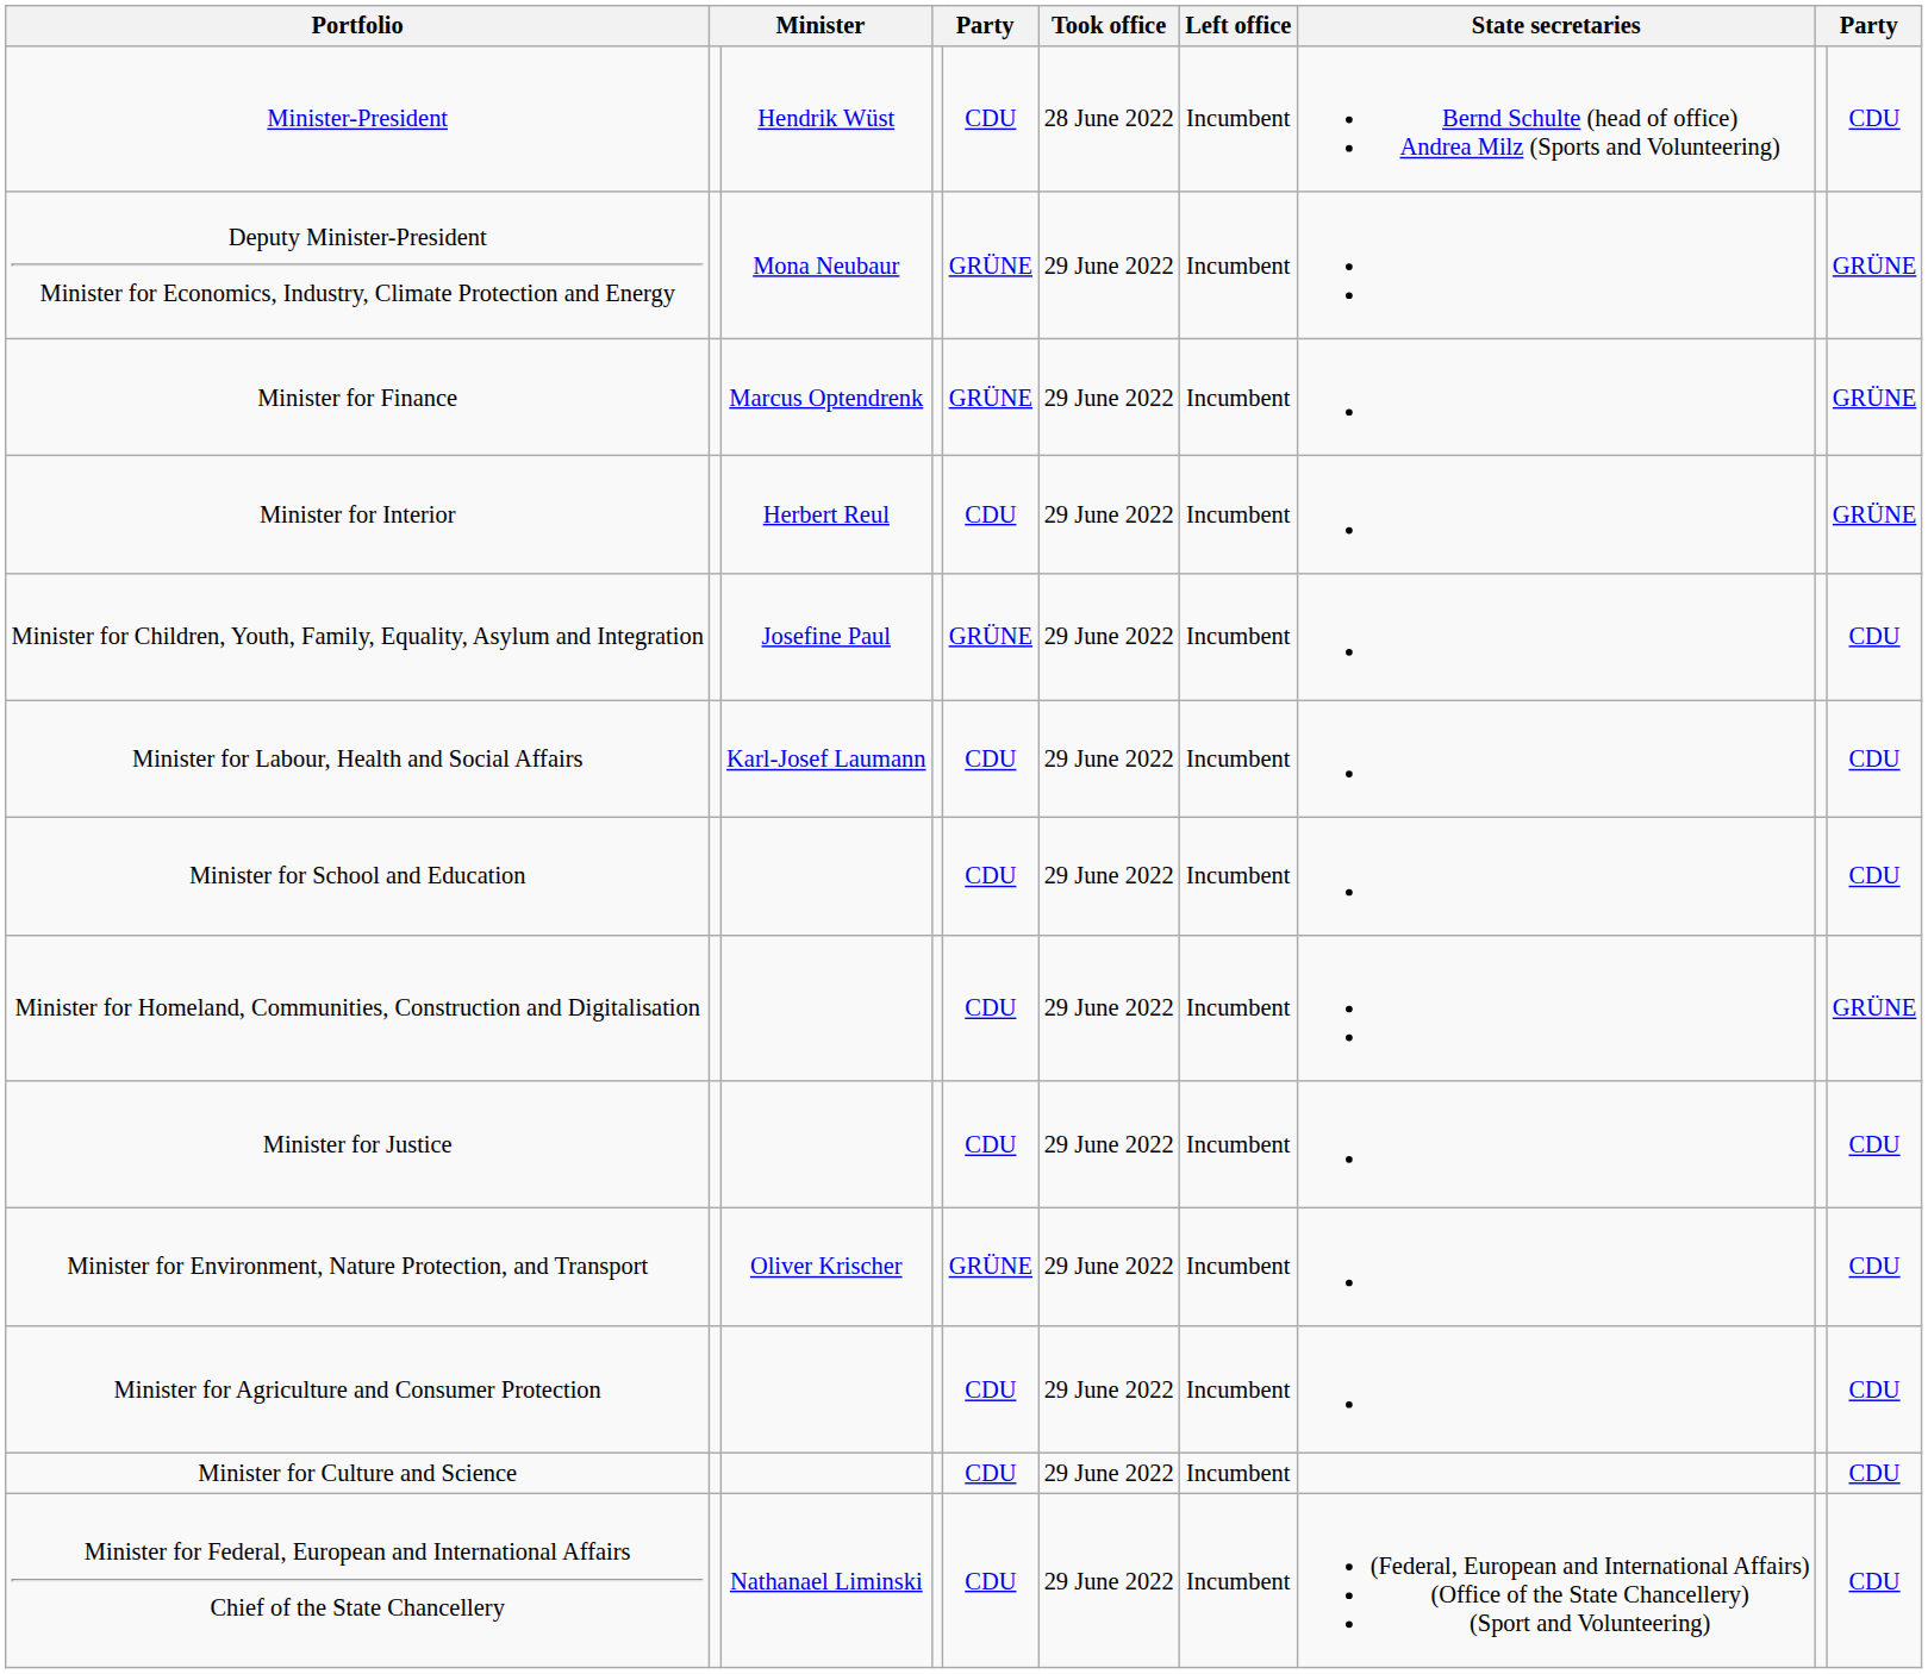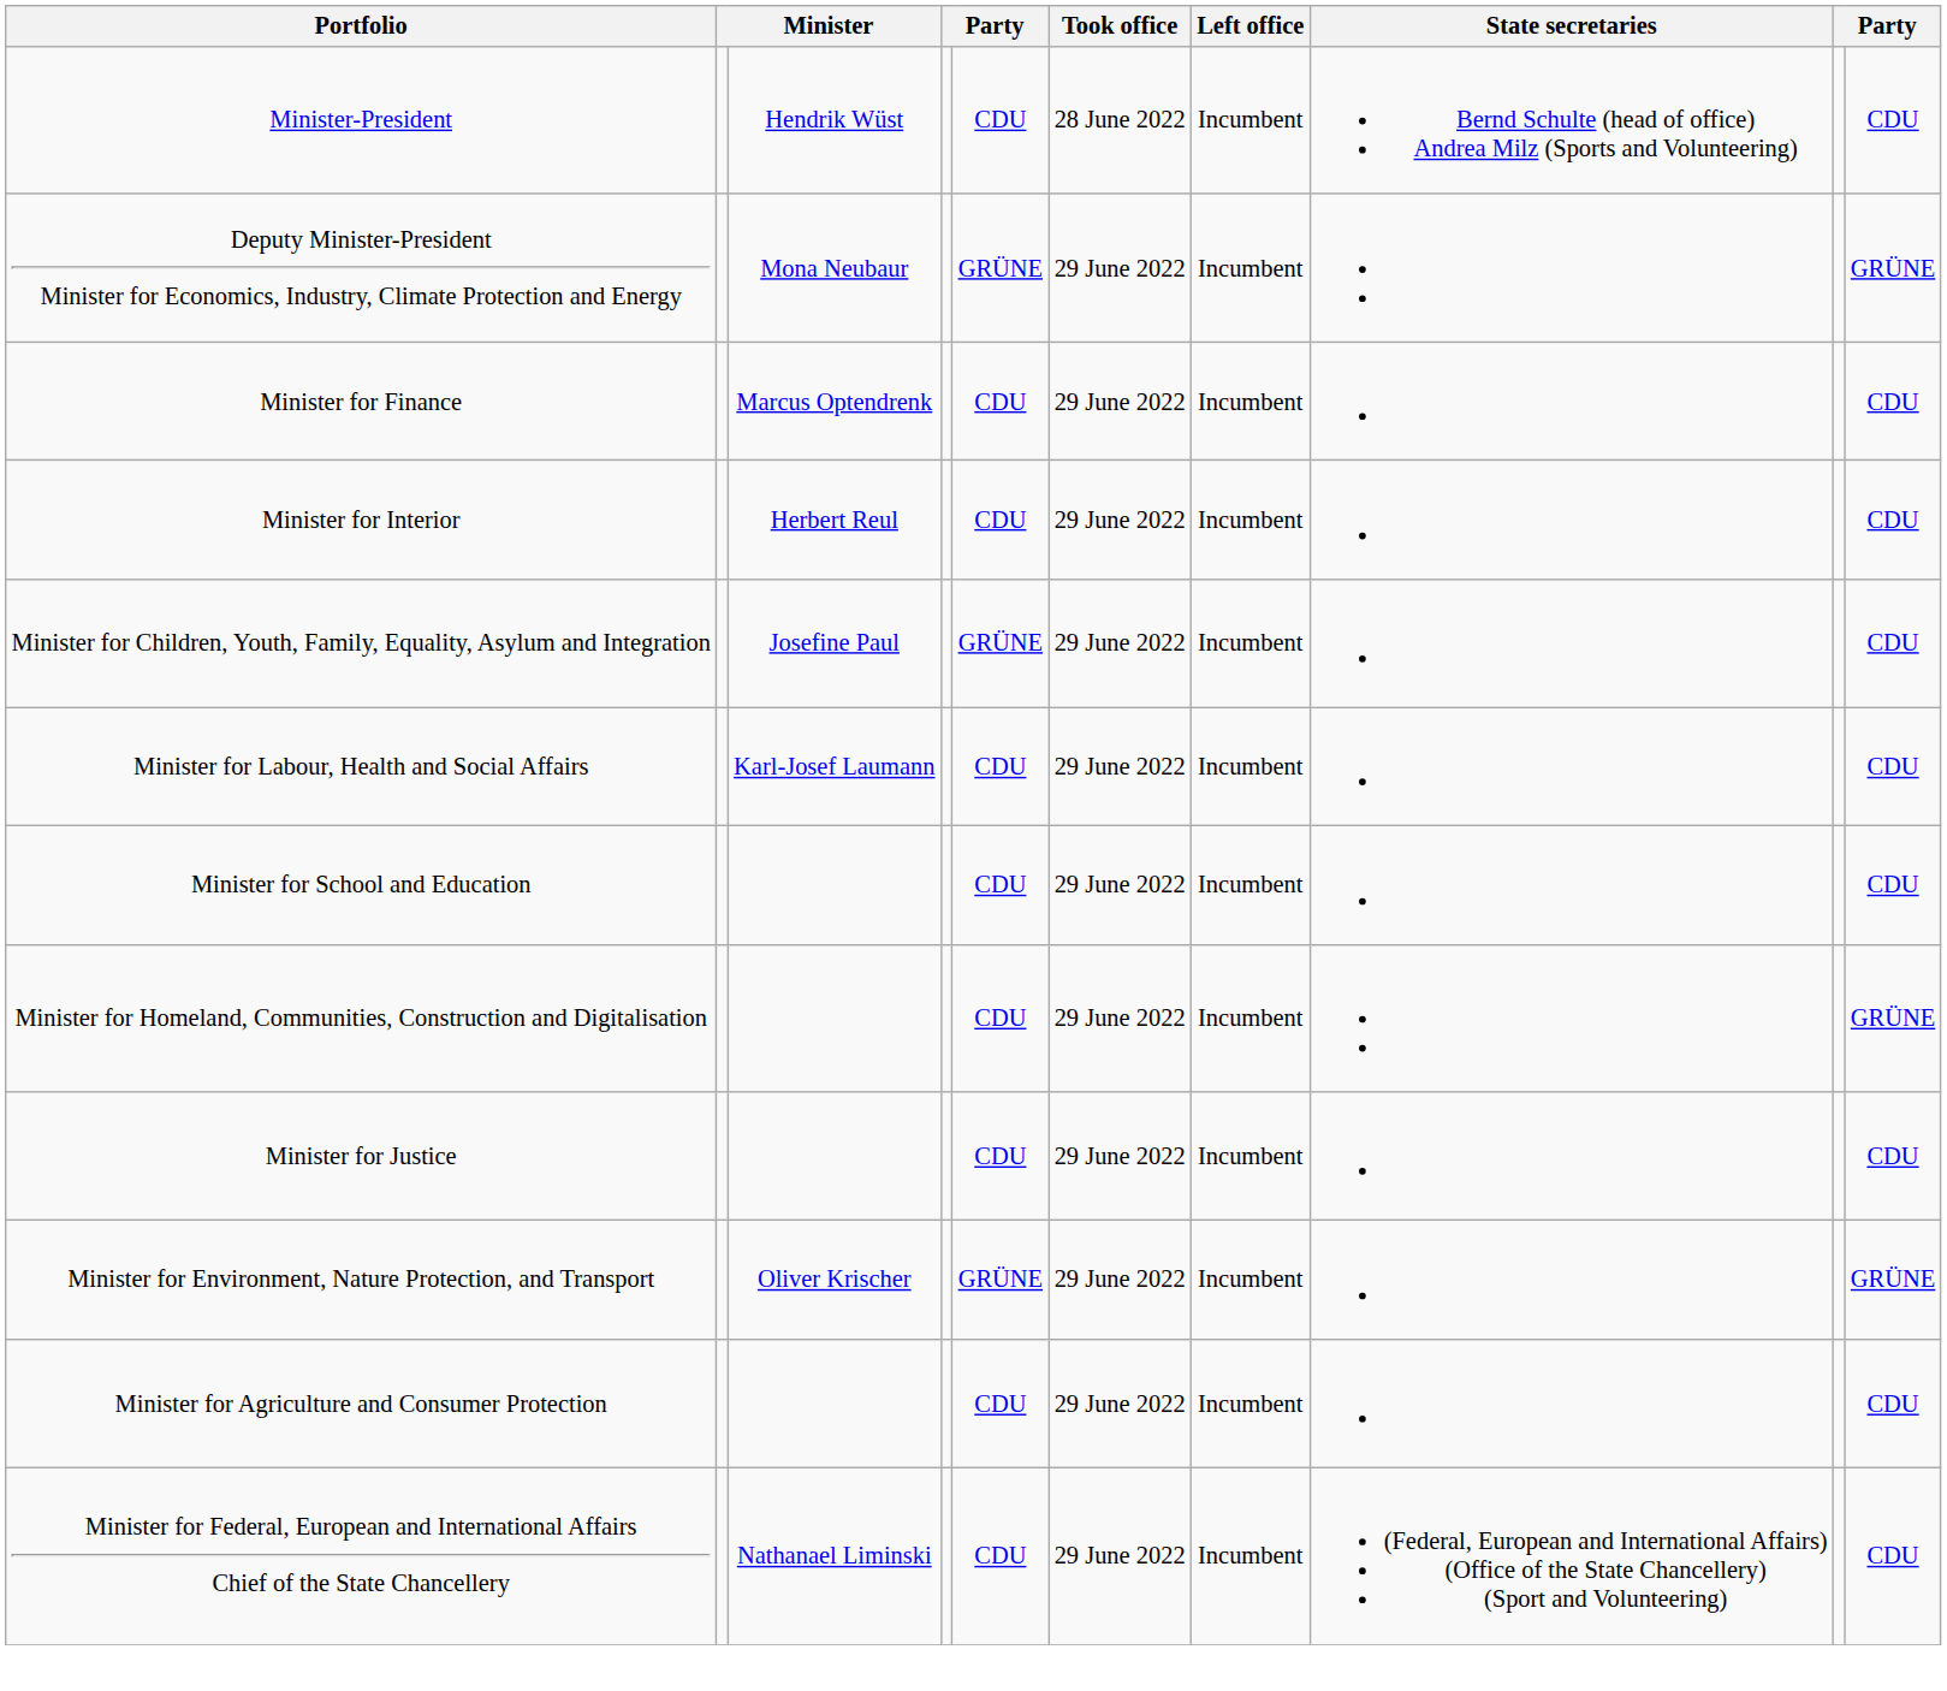 <table class=wikitable style="text-align:center; font-size:90%">
 <tr>
 <th>Portfolio</th>
 <th colspan=2>Minister</th>
 <th colspan=2>Party</th>
 <th>Took office</th>
 <th>Left office</th>
 <th>State secretaries</th>
 <th colspan="2">Party</th>
 </tr>
 <tr>
 <td><a href='#'>Minister-President</a></td>
 <td></td>
 <td><a href='#'>Hendrik Wüst</a><br></td>
 <td bgcolor=></td>
 <td><a href='#'>CDU</a></td>
 <td>28 June 2022</td>
 <td>Incumbent</td>
 <td><br><ul><li><a href='#'>Bernd Schulte</a> (head of office)</li><li><a href='#'>Andrea Milz</a> (Sports and Volunteering)</li></ul></td>
 <td></td>
 <td><a href='#'>CDU</a></td>
 </tr>
 <tr>
 <td>Deputy Minister-President<hr>Minister for Economics, Industry, Climate Protection and Energy</td>
 <td></td>
 <td><a href='#'>Mona Neubaur</a><br></td>
 <td bgcolor=></td>
 <td><a href='#'>GRÜNE</a></td>
 <td>29 June 2022</td>
 <td>Incumbent</td>
 <td><br><ul><li></li><li></li></ul></td>
 <td></td>
 <td><a href='#'>GRÜNE</a></td>
 </tr>
 <tr>
 <td>Minister for Finance</td>
 <td></td>
 <td><a href='#'>Marcus Optendrenk</a><br></td>
 <td bgcolor=></td>
-<td><a href='#'>GRÜNE</a></td>
+<td><a href='#'>CDU</a></td>
 <td>29 June 2022</td>
 <td>Incumbent</td>
 <td><br><ul><li></li></ul></td>
 <td></td>
-<td><a href='#'>GRÜNE</a></td>
+<td><a href='#'>CDU</a></td>
 </tr>
 <tr>
 <td>Minister for Interior</td>
 <td></td>
 <td><a href='#'>Herbert Reul</a><br></td>
 <td bgcolor=></td>
 <td><a href='#'>CDU</a></td>
 <td>29 June 2022</td>
 <td>Incumbent</td>
 <td><br><ul><li></li></ul></td>
 <td></td>
-<td><a href='#'>GRÜNE</a></td>
+<td><a href='#'>CDU</a></td>
 </tr>
 <tr style="height:75px">
 <td>Minister for Children, Youth, Family, Equality, Asylum and Integration</td>
 <td></td>
 <td><a href='#'>Josefine Paul</a><br></td>
 <td bgcolor=></td>
 <td><a href='#'>GRÜNE</a></td>
 <td>29 June 2022</td>
 <td>Incumbent</td>
 <td><br><ul><li></li></ul></td>
 <td></td>
 <td><a href='#'>CDU</a></td>
 </tr>
 <tr>
 <td>Minister for Labour, Health and Social Affairs</td>
 <td></td>
 <td><a href='#'>Karl-Josef Laumann</a><br></td>
 <td bgcolor=></td>
 <td><a href='#'>CDU</a></td>
 <td>29 June 2022</td>
 <td>Incumbent</td>
 <td><br><ul><li></li></ul></td>
 <td></td>
 <td><a href='#'>CDU</a></td>
 </tr>
 <tr>
 <td>Minister for School and Education</td>
 <td></td>
 <td><br></td>
 <td bgcolor=></td>
 <td><a href='#'>CDU</a></td>
 <td>29 June 2022</td>
 <td>Incumbent</td>
 <td><br><ul><li></li></ul></td>
 <td></td>
 <td><a href='#'>CDU</a></td>
 </tr>
 <tr>
 <td>Minister for Homeland, Communities, Construction and Digitalisation</td>
 <td></td>
 <td><br></td>
 <td bgcolor=></td>
 <td><a href='#'>CDU</a></td>
 <td>29 June 2022</td>
 <td>Incumbent</td>
 <td><br><ul><li></li><li></li></ul></td>
 <td></td>
 <td><a href='#'>GRÜNE</a></td>
 </tr>
 <tr style="height:75px">
 <td>Minister for Justice</td>
 <td></td>
 <td><br></td>
 <td bgcolor=></td>
 <td><a href='#'>CDU</a></td>
 <td>29 June 2022</td>
 <td>Incumbent</td>
 <td><br><ul><li></li></ul></td>
 <td></td>
 <td><a href='#'>CDU</a></td>
 </tr>
 <tr>
 <td>Minister for Environment, Nature Protection, and Transport</td>
 <td></td>
 <td><a href='#'>Oliver Krischer</a><br></td>
 <td bgcolor=></td>
 <td><a href='#'>GRÜNE</a></td>
 <td>29 June 2022</td>
 <td>Incumbent</td>
 <td><br><ul><li></li></ul></td>
 <td></td>
-<td><a href='#'>CDU</a></td>
+<td><a href='#'>GRÜNE</a></td>
 </tr>
 <tr style="height:75px">
 <td>Minister for Agriculture and Consumer Protection</td>
 <td></td>
 <td><br></td>
 <td bgcolor=></td>
 <td><a href='#'>CDU</a></td>
 <td>29 June 2022</td>
 <td>Incumbent</td>
 <td><br><ul><li></li></ul></td>
-<td></td>
-<td><a href='#'>CDU</a></td>
-</tr>
-<tr>
-<td>Minister for Culture and Science</td>
-<td></td>
-<td><br></td>
-<td bgcolor=></td>
-<td><a href='#'>CDU</a></td>
-<td>29 June 2022</td>
-<td>Incumbent</td>
-<td></td>
 <td></td>
 <td><a href='#'>CDU</a></td>
 </tr>
 <tr>
 <td>Minister for Federal, European and International Affairs<hr>Chief of the State Chancellery</td>
 <td></td>
 <td><a href='#'>Nathanael Liminski</a><br></td>
 <td bgcolor=></td>
 <td><a href='#'>CDU</a></td>
 <td>29 June 2022</td>
 <td>Incumbent</td>
 <td><br><ul><li> (Federal, European and International Affairs)</li><li> (Office of the State Chancellery)</li><li> (Sport and Volunteering)</li></ul></td>
 <td></td>
 <td><a href='#'>CDU</a></td>
 </tr>
 </table>
